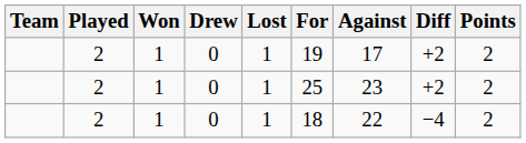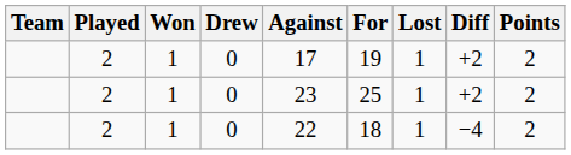 <table class="wikitable" style="text-align:center">
 <tr>
 <th>Team</th>
 <th>Played</th>
 <th>Won</th>
 <th>Drew</th>
+<th>Against</th>
+<th>For</th>
 <th>Lost</th>
-<th>For</th>
-<th>Against</th>
 <th>Diff</th>
 <th>Points</th>
 </tr>
 <tr>
 <td align=left></td>
 <td>2</td>
 <td>1</td>
 <td>0</td>
+<td>17</td>
+<td>19</td>
 <td>1</td>
-<td>19</td>
-<td>17</td>
 <td>+2</td>
 <td>2</td>
 </tr>
 <tr>
 <td align=left></td>
 <td>2</td>
 <td>1</td>
 <td>0</td>
+<td>23</td>
+<td>25</td>
 <td>1</td>
-<td>25</td>
-<td>23</td>
 <td>+2</td>
 <td>2</td>
 </tr>
 <tr>
 <td align=left></td>
 <td>2</td>
 <td>1</td>
 <td>0</td>
+<td>22</td>
+<td>18</td>
 <td>1</td>
-<td>18</td>
-<td>22</td>
 <td>−4</td>
 <td>2</td>
 </tr>
 </table>
